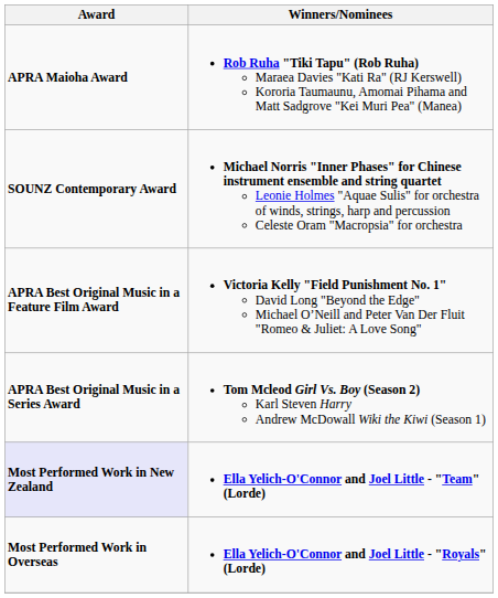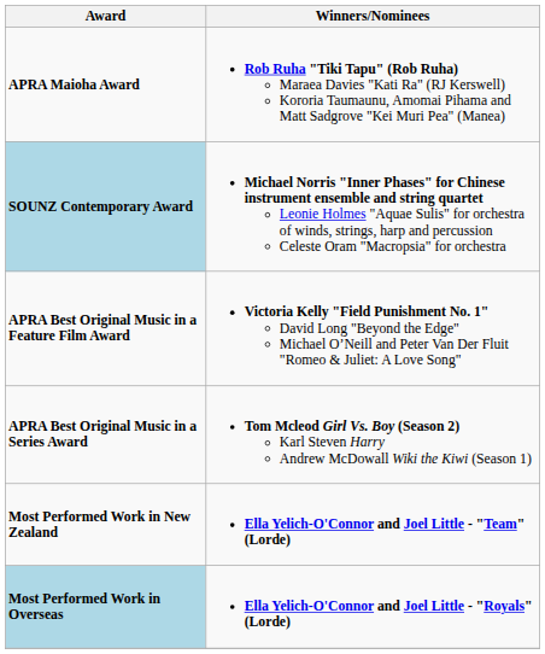 <table class="wikitable">
 <tr>
 <th>Award</th>
 <th>Winners/Nominees</th>
 </tr>
 <tr>
 <td><strong>APRA Maioha Award</strong></td>
 <td><br><ul><li><strong><a href='#'>Rob Ruha</a> "Tiki Tapu" (Rob Ruha)</strong><ul><li>Maraea Davies "Kati Ra" (RJ Kerswell)</li><li>Kororia Taumaunu, Amomai Pihama and Matt Sadgrove "Kei Muri Pea" (Manea)</li></ul></li></ul></td>
 </tr>
 <tr>
-<td><strong>SOUNZ Contemporary Award</strong></td>
+<td style="background: lightblue;"><strong>SOUNZ Contemporary Award</strong></td>
 <td><br><ul><li><strong>Michael Norris "Inner Phases" for Chinese instrument ensemble and string quartet</strong><ul><li><a href='#'>Leonie Holmes</a> "Aquae Sulis" for orchestra of winds, strings, harp and percussion</li><li>Celeste Oram "Macropsia" for orchestra</li></ul></li></ul></td>
 </tr>
 <tr>
 <td><strong>APRA Best Original Music in a Feature Film Award</strong></td>
 <td><br><ul><li><strong>Victoria Kelly "Field Punishment No. 1"</strong><ul><li>David Long "Beyond the Edge"</li><li>Michael O’Neill and Peter Van Der Fluit "Romeo & Juliet: A Love Song"</li></ul></li></ul></td>
 </tr>
 <tr>
 <td><strong>APRA Best Original Music in a Series Award</strong></td>
 <td><br><ul><li><strong>Tom Mcleod <em>Girl Vs. Boy</em> (Season 2)</strong><ul><li>Karl Steven <em>Harry</em></li><li>Andrew McDowall <em>Wiki the Kiwi</em> (Season 1)</li></ul></li></ul></td>
 </tr>
 <tr>
-<td style="background: lavender;"><strong>Most Performed Work in New Zealand</strong></td>
+<td><strong>Most Performed Work in New Zealand</strong></td>
 <td colspan="2"><br><ul><li><strong><a href='#'>Ella Yelich-O'Connor</a> and <a href='#'>Joel Little</a> - "<a href='#'>Team</a>" (Lorde)</strong></li></ul></td>
 </tr>
 <tr>
-<td><strong>Most Performed Work in Overseas</strong></td>
+<td style="background: lightblue;"><strong>Most Performed Work in Overseas</strong></td>
 <td colspan="2"><br><ul><li><strong><a href='#'>Ella Yelich-O'Connor</a> and <a href='#'>Joel Little</a> - "<a href='#'>Royals</a>" (Lorde)</strong></li></ul></td>
 </tr>
 <tr>
 </tr>
 </table>
